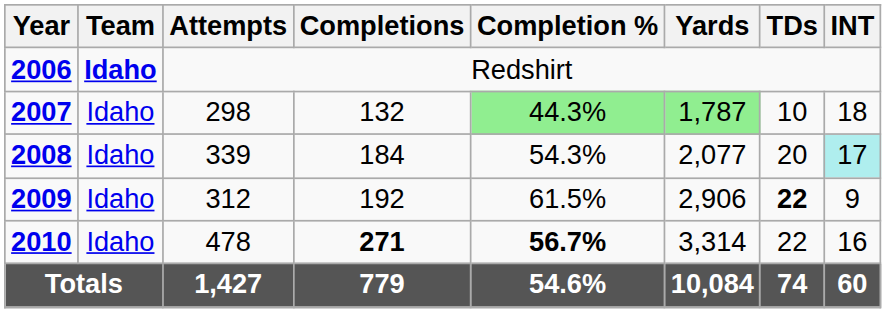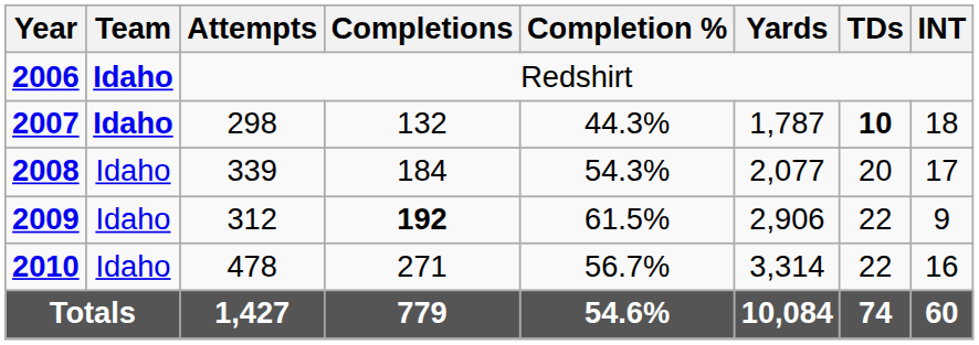 <table class="wikitable" style="text-align:center;">
 <tr>
 <th>Year</th>
 <th>Team</th>
 <th>Attempts</th>
 <th>Completions</th>
 <th>Completion %</th>
 <th>Yards</th>
 <th>TDs</th>
 <th>INT</th>
 </tr>
 <tr>
 <td><strong><a href='#'>2006</a></strong></td>
 <td><strong><a href='#'>Idaho</a></strong></td>
 <td colspan=6 style="text-align:center;">Redshirt</td>
 </tr>
 <tr>
 <td><strong><a href='#'>2007</a></strong></td>
-<td><a href='#'>Idaho</a></td>
+<td><strong><a href='#'>Idaho</a></strong></td>
 <td>298</td>
 <td>132</td>
-<td style="background: lightgreen;">44.3%</td>
-<td style="background: lightgreen;">1,787</td>
-<td>10</td>
+<td>44.3%</td>
+<td>1,787</td>
+<td><strong>10</strong></td>
 <td>18</td>
 </tr>
 <tr>
 <td><strong><a href='#'>2008</a></strong></td>
 <td><a href='#'>Idaho</a></td>
 <td>339</td>
 <td>184</td>
 <td>54.3%</td>
 <td>2,077</td>
 <td>20</td>
-<td style="background: paleturquoise;">17</td>
+<td>17</td>
 </tr>
 <tr>
 <td><strong><a href='#'>2009</a></strong></td>
 <td><a href='#'>Idaho</a></td>
 <td>312</td>
-<td>192</td>
+<td><strong>192</strong></td>
 <td>61.5%</td>
 <td>2,906</td>
-<td><strong>22</strong></td>
+<td>22</td>
 <td>9</td>
 </tr>
 <tr>
 <td><strong><a href='#'>2010</a></strong></td>
 <td><a href='#'>Idaho</a></td>
 <td>478</td>
-<td><strong>271</strong></td>
-<td><strong>56.7%</strong></td>
+<td>271</td>
+<td>56.7%</td>
 <td>3,314</td>
 <td>22</td>
 <td>16</td>
 </tr>
 <tr style="background:#555555;font-weight:bold;color:white;">
 <td colspan=2>Totals</td>
 <td>1,427</td>
 <td>779</td>
 <td>54.6%</td>
 <td>10,084</td>
 <td>74</td>
 <td>60</td>
 </tr>
 <tr style="background:#555555;font-weight:bold;color:white;">
 </tr>
 </table>
